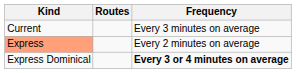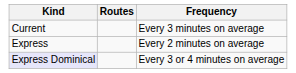 <table class="wikitable" style="margin:1em auto;">
 <tr>
 <th>Kind</th>
 <th>Routes</th>
 <th>Frequency</th>
 </tr>
 <tr>
 <td>Current</td>
 <td>  </td>
 <td>Every 3 minutes on average</td>
 </tr>
 <tr>
-<td style="background: lightsalmon;">Express</td>
+<td>Express</td>
 <td>    </td>
 <td>Every 2 minutes on average</td>
 </tr>
 <tr>
-<td>Express Dominical</td>
+<td style="background: lavender;">Express Dominical</td>
 <td>  </td>
-<td><strong>Every 3 or 4 minutes on average</strong></td>
+<td>Every 3 or 4 minutes on average</td>
 </tr>
 </table>
